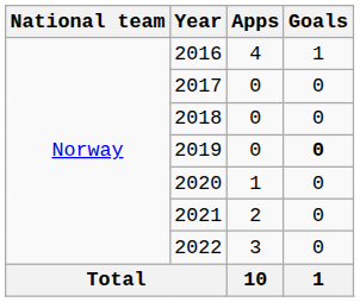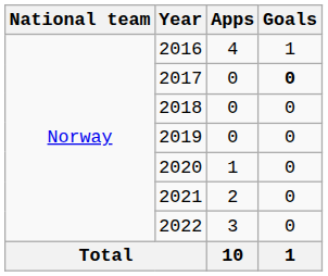 <table class="wikitable" style="text-align:center">
 <tr>
 <th>National team</th>
 <th>Year</th>
 <th>Apps</th>
 <th>Goals</th>
 </tr>
 <tr>
 <td rowspan="7"><a href='#'>Norway</a></td>
 <td>2016</td>
 <td>4</td>
 <td>1</td>
 </tr>
 <tr>
 <td>2017</td>
 <td>0</td>
-<td>0</td>
+<td><strong>0</strong></td>
 </tr>
 <tr>
 <td>2018</td>
 <td>0</td>
 <td>0</td>
 </tr>
 <tr>
 <td>2019</td>
 <td>0</td>
-<td><strong>0</strong></td>
+<td>0</td>
 </tr>
 <tr>
 <td>2020</td>
 <td>1</td>
 <td>0</td>
 </tr>
 <tr>
 <td>2021</td>
 <td>2</td>
 <td>0</td>
 </tr>
 <tr>
 <td>2022</td>
 <td>3</td>
 <td>0</td>
 </tr>
 <tr>
 <th colspan="2">Total</th>
 <th>10</th>
 <th>1</th>
 </tr>
 </table>
